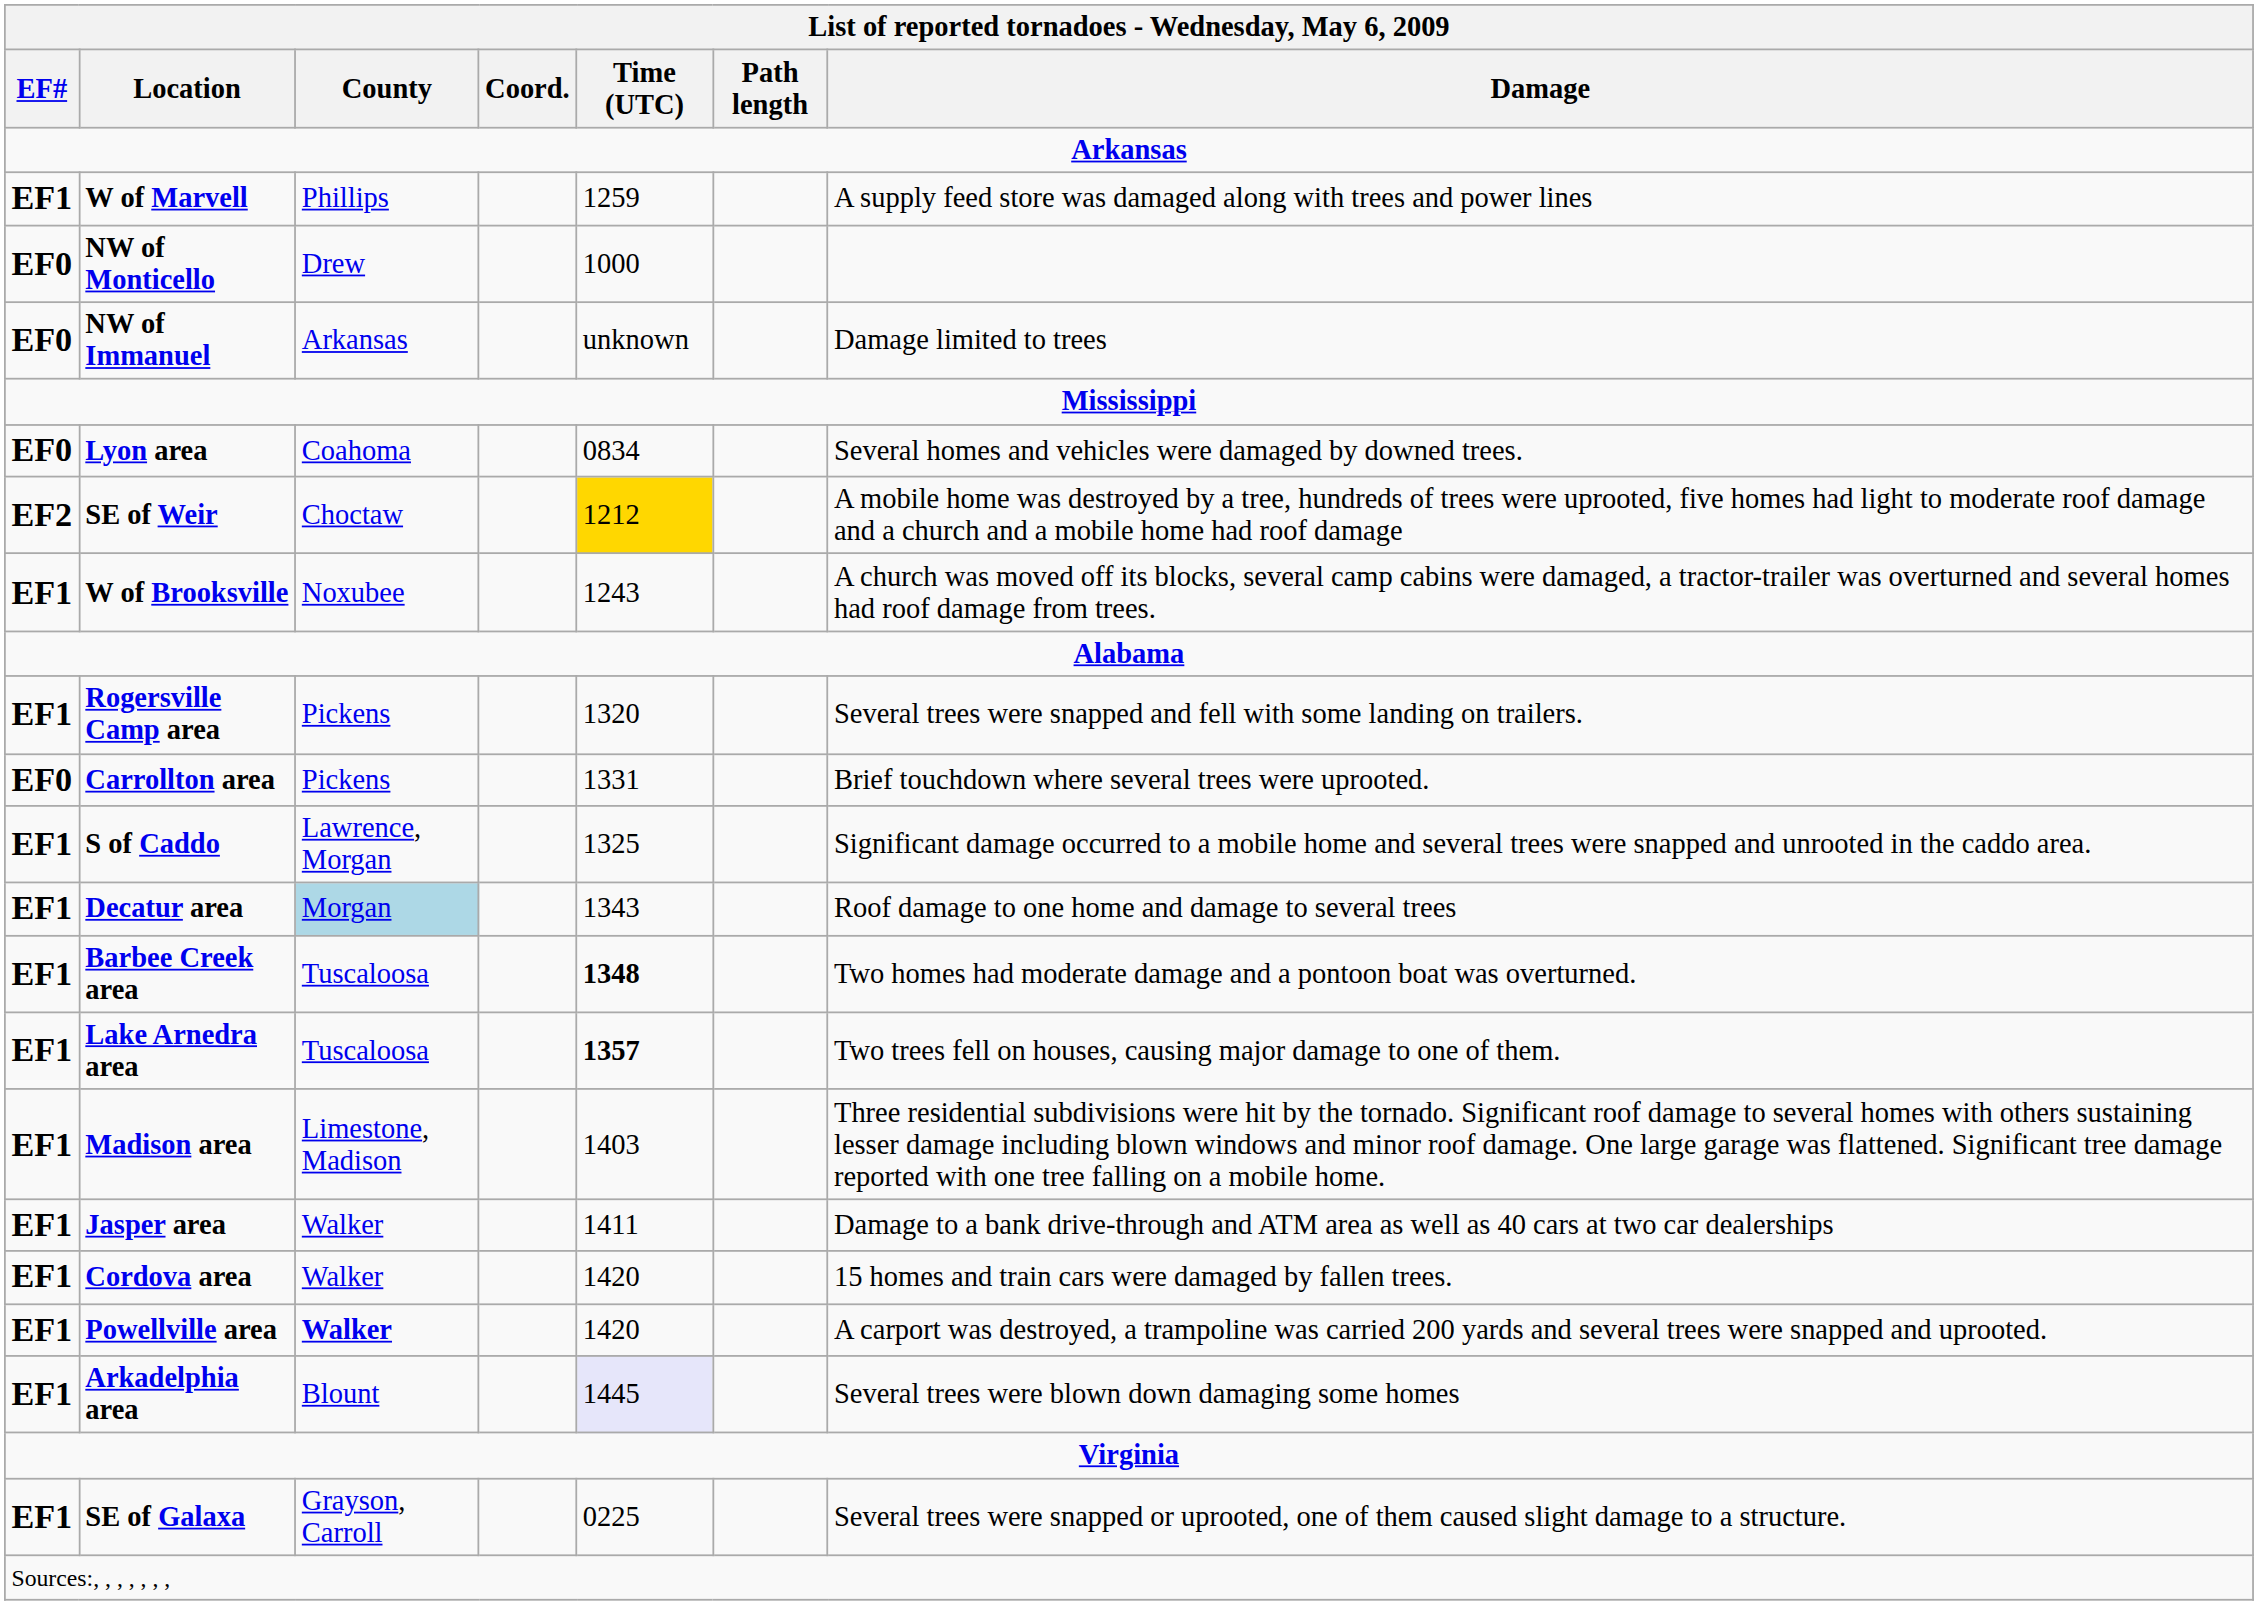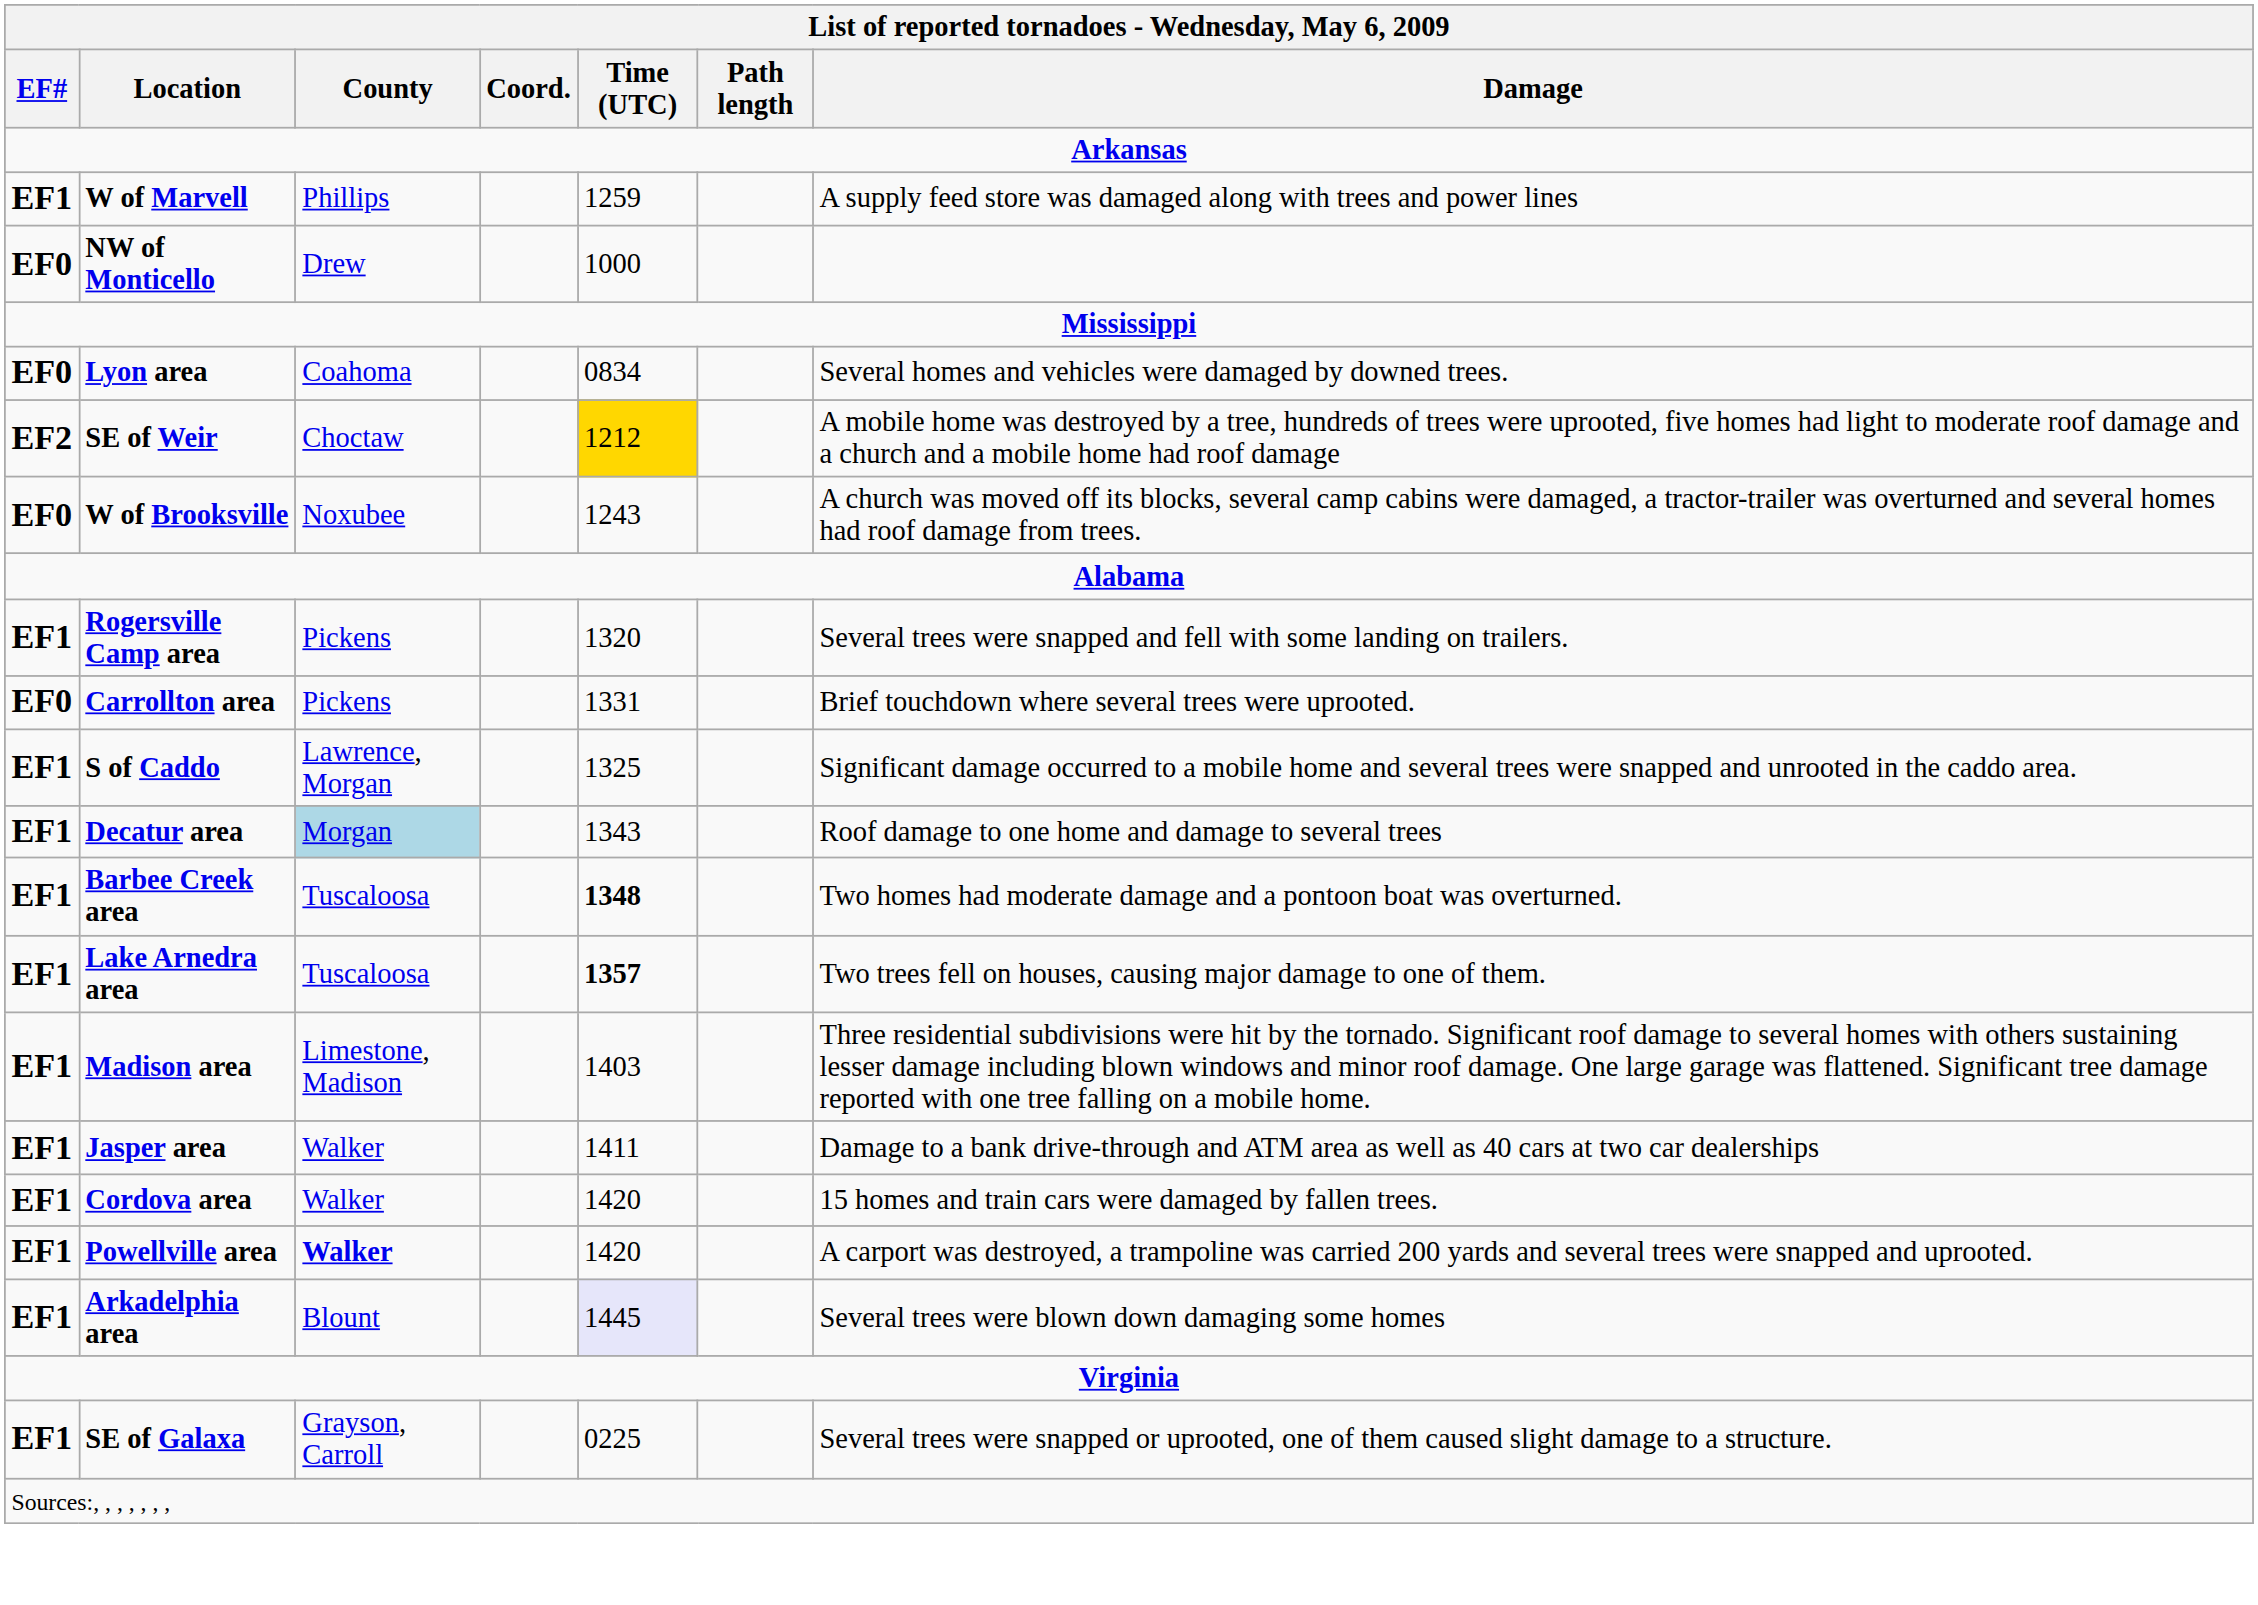 <table class="wikitable collapsible" width="100%">
 <tr>
 <th colspan="7">List of reported tornadoes - Wednesday, May 6, 2009</th>
 </tr>
 <tr>
 <th><a href='#'>EF#</a></th>
 <th>Location</th>
 <th>County</th>
 <th>Coord.</th>
 <th>Time (UTC)</th>
 <th>Path length</th>
 <th>Damage</th>
 </tr>
 <tr>
 <td colspan="7" align=center><strong><a href='#'>Arkansas</a></strong></td>
 </tr>
 <tr>
 <td><big><strong>EF1</strong></big></td>
 <td><strong>W of <a href='#'>Marvell</a></strong></td>
 <td><a href='#'>Phillips</a></td>
 <td></td>
 <td>1259</td>
 <td></td>
 <td>A supply feed store was damaged along with trees and power lines</td>
 </tr>
 <tr>
 <td><big><strong>EF0</strong></big></td>
 <td><strong>NW of <a href='#'>Monticello</a></strong></td>
 <td><a href='#'>Drew</a></td>
 <td></td>
 <td>1000</td>
 <td></td>
 <td></td>
 </tr>
 <tr>
-<td><big><strong>EF0</strong></big></td>
-<td><strong>NW of <a href='#'>Immanuel</a></strong></td>
-<td><a href='#'>Arkansas</a></td>
-<td></td>
-<td>unknown</td>
-<td></td>
-<td>Damage limited to trees</td>
-</tr>
-<tr>
 <td colspan="7" align=center><strong><a href='#'>Mississippi</a></strong></td>
 </tr>
 <tr>
 <td><big><strong>EF0</strong></big></td>
 <td><strong><a href='#'>Lyon</a> area</strong></td>
 <td><a href='#'>Coahoma</a></td>
 <td></td>
 <td>0834</td>
 <td></td>
 <td>Several homes and vehicles were damaged by downed trees.</td>
 </tr>
 <tr>
 <td><big><strong>EF2</strong></big></td>
 <td><strong>SE of <a href='#'>Weir</a></strong></td>
 <td><a href='#'>Choctaw</a></td>
 <td></td>
 <td style="background: gold;">1212</td>
 <td></td>
 <td>A mobile home was destroyed by a tree, hundreds of trees were uprooted, five homes had light to moderate roof damage and a church and a mobile home had roof damage</td>
 </tr>
 <tr>
-<td><big><strong>EF1</strong></big></td>
+<td><big><strong>EF0</strong></big></td>
 <td><strong>W of <a href='#'>Brooksville</a></strong></td>
 <td><a href='#'>Noxubee</a></td>
 <td></td>
 <td>1243</td>
 <td></td>
 <td>A church was moved off its blocks, several camp cabins were damaged, a tractor-trailer was overturned and several homes had roof damage from trees.</td>
 </tr>
 <tr>
 <td colspan="7" align=center><strong><a href='#'>Alabama</a></strong></td>
 </tr>
 <tr>
 <td><big><strong>EF1</strong></big></td>
 <td><strong><a href='#'>Rogersville Camp</a> area</strong></td>
 <td><a href='#'>Pickens</a></td>
 <td></td>
 <td>1320</td>
 <td></td>
 <td>Several trees were snapped and fell with some landing on trailers.</td>
 </tr>
 <tr>
 <td><big><strong>EF0</strong></big></td>
 <td><strong><a href='#'>Carrollton</a> area</strong></td>
 <td><a href='#'>Pickens</a></td>
 <td></td>
 <td>1331</td>
 <td></td>
 <td>Brief touchdown where several trees were uprooted.</td>
 </tr>
 <tr>
 <td><big><strong>EF1</strong></big></td>
 <td><strong>S of <a href='#'>Caddo</a></strong></td>
 <td><a href='#'>Lawrence</a>, <a href='#'>Morgan</a></td>
 <td></td>
 <td>1325</td>
 <td></td>
 <td>Significant damage occurred to a mobile home and several trees were snapped and unrooted in the caddo area.</td>
 </tr>
 <tr>
 <td><big><strong>EF1</strong></big></td>
 <td><strong><a href='#'>Decatur</a> area</strong></td>
 <td style="background: lightblue;"><a href='#'>Morgan</a></td>
 <td></td>
 <td>1343</td>
 <td></td>
 <td>Roof damage to one home and damage to several trees</td>
 </tr>
 <tr>
 <td><big><strong>EF1</strong></big></td>
 <td><strong><a href='#'>Barbee Creek</a> area</strong></td>
 <td><a href='#'>Tuscaloosa</a></td>
 <td></td>
 <td><strong>1348</strong></td>
 <td></td>
 <td>Two homes had moderate damage and a pontoon boat was overturned.</td>
 </tr>
 <tr>
 <td><big><strong>EF1</strong></big></td>
 <td><strong><a href='#'>Lake Arnedra</a> area</strong></td>
 <td><a href='#'>Tuscaloosa</a></td>
 <td></td>
 <td><strong>1357</strong></td>
 <td></td>
 <td>Two trees fell on houses, causing major damage to one of them.</td>
 </tr>
 <tr>
 <td><big><strong>EF1</strong></big></td>
 <td><strong><a href='#'>Madison</a> area</strong></td>
 <td><a href='#'>Limestone</a>, <a href='#'>Madison</a></td>
 <td></td>
 <td>1403</td>
 <td></td>
 <td>Three residential subdivisions were hit by the tornado. Significant roof damage to several homes with others sustaining lesser damage including blown windows and minor roof damage. One large garage was flattened. Significant tree damage reported with one tree falling on a mobile home.</td>
 </tr>
 <tr>
 <td><big><strong>EF1</strong></big></td>
 <td><strong><a href='#'>Jasper</a> area</strong></td>
 <td><a href='#'>Walker</a></td>
 <td></td>
 <td>1411</td>
 <td></td>
 <td>Damage to a bank drive-through and ATM area as well as 40 cars at two car dealerships</td>
 </tr>
 <tr>
 <td><big><strong>EF1</strong></big></td>
 <td><strong><a href='#'>Cordova</a> area</strong></td>
 <td><a href='#'>Walker</a></td>
 <td></td>
 <td>1420</td>
 <td></td>
 <td>15 homes and train cars were damaged by fallen trees.</td>
 </tr>
 <tr>
 <td><big><strong>EF1</strong></big></td>
 <td><strong><a href='#'>Powellville</a> area</strong></td>
 <td><strong><a href='#'>Walker</a></strong></td>
 <td></td>
 <td>1420</td>
 <td></td>
 <td>A carport was destroyed, a trampoline was carried 200 yards and several trees were snapped and uprooted.</td>
 </tr>
 <tr>
 <td><big><strong>EF1</strong></big></td>
 <td><strong><a href='#'>Arkadelphia</a> area</strong></td>
 <td><a href='#'>Blount</a></td>
 <td></td>
 <td style="background: lavender;">1445</td>
 <td></td>
 <td>Several trees were blown down damaging some homes</td>
 </tr>
 <tr>
 <td colspan="7" align=center><strong><a href='#'>Virginia</a></strong></td>
 </tr>
 <tr>
 <td><big><strong>EF1</strong></big></td>
 <td><strong>SE of <a href='#'>Galaxa</a></strong></td>
 <td><a href='#'>Grayson</a>, <a href='#'>Carroll</a></td>
 <td></td>
 <td>0225</td>
 <td></td>
 <td>Several trees were snapped or uprooted, one of them caused slight damage to a structure.</td>
 </tr>
 <tr>
 <td colspan="7"><small>Sources:, , , , , , , </small></td>
 </tr>
 </table>
